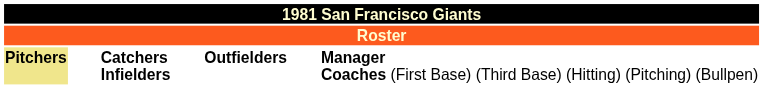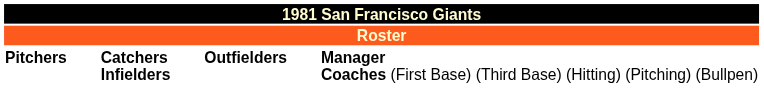 <table class="toccolours" style="font-size: 95%;">
 <tr>
 <th colspan="10" style="background-color: black; color: #FFFDD0; text-align: center;">1981 San Francisco Giants</th>
 </tr>
 <tr>
 <td colspan="10" style="background-color: #fd5a1e; color: #FFFDD0; text-align: center;"><strong>Roster</strong></td>
 </tr>
 <tr>
-<td valign="top" style="background: khaki;"><strong>Pitchers</strong><br>            </td>
+<td valign="top"><strong>Pitchers</strong><br>            </td>
 <td width="25px"></td>
 <td valign="top"><strong>Catchers</strong><br>    <strong>Infielders</strong>          </td>
 <td width="25px"></td>
 <td valign="top"><strong>Outfielders</strong><br>       </td>
 <td width="25px"></td>
 <td valign="top"><strong>Manager</strong><br> <strong>Coaches</strong>   (First Base)  (Third Base)  (Hitting)  (Pitching)  (Bullpen)</td>
 </tr>
 <tr>
 </tr>
 </table>
